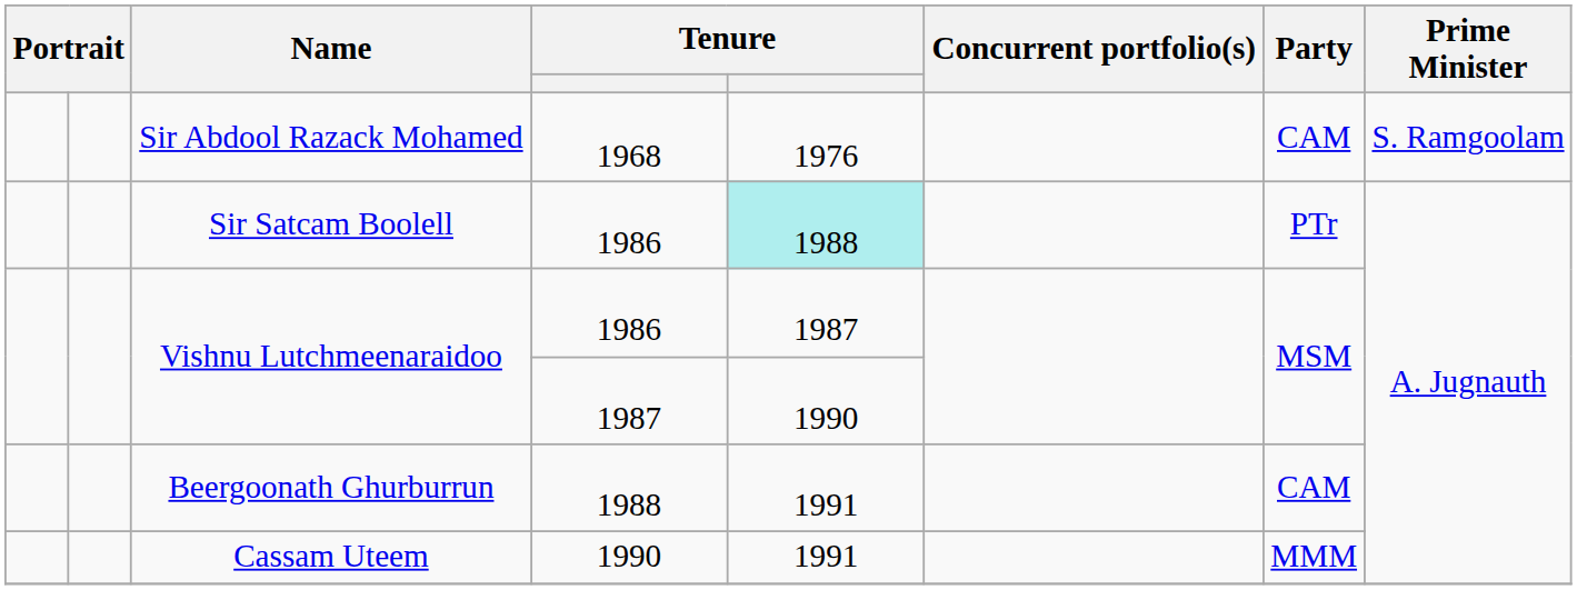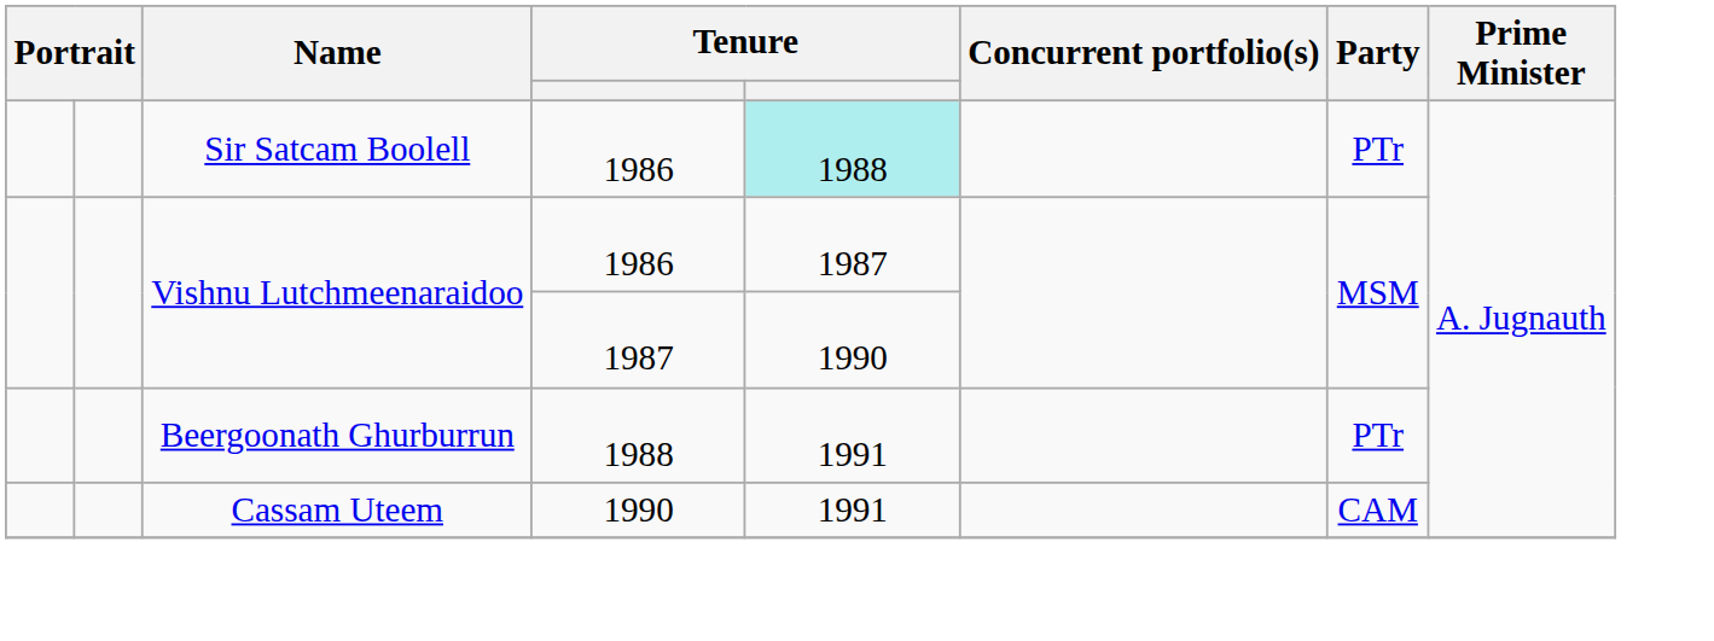 <table class="wikitable" style="font-size:100%;text-align:center">
 <tr>
 <th rowspan="2" colspan="2">Portrait</th>
 <th rowspan="2">Name<br></th>
 <th colspan="2">Tenure</th>
 <th rowspan="2">Concurrent portfolio(s)</th>
 <th rowspan="2">Party</th>
 <th rowspan="2">Prime<br>Minister</th>
 </tr>
 <tr>
 <th width="90"></th>
 <th width="90"></th>
-</tr>
-<tr>
-<td style="background: "></td>
-<td></td>
-<td><a href='#'>Sir Abdool Razack Mohamed</a><br></td>
-<td><br>1968</td>
-<td><br>1976</td>
-<td><small></small></td>
-<td><a href='#'>CAM</a></td>
-<td rowspan="1"><a href='#'>S. Ramgoolam</a></td>
 </tr>
 <tr>
 <td style="background: "></td>
 <td></td>
 <td><a href='#'>Sir Satcam Boolell</a><br></td>
 <td><br>1986</td>
 <td style="background: paleturquoise;"><br>1988</td>
 <td><small></small></td>
 <td><a href='#'>PTr</a></td>
 <td rowspan=5><a href='#'>A. Jugnauth</a></td>
 </tr>
 <tr>
 <td rowspan=2 style="background: "></td>
 <td rowspan=2></td>
 <td rowspan=2><a href='#'>Vishnu Lutchmeenaraidoo</a><br></td>
 <td><br>1986</td>
 <td><br>1987</td>
 <td rowspan=2><small></small></td>
 <td rowspan=2><a href='#'>MSM</a></td>
 </tr>
 <tr>
 <td><br>1987</td>
 <td><br>1990</td>
 </tr>
 <tr>
 <td style="background: "></td>
 <td></td>
 <td><a href='#'>Beergoonath Ghurburrun</a><br></td>
 <td><br>1988</td>
 <td><br>1991</td>
 <td><small></small></td>
-<td><a href='#'>CAM</a></td>
+<td><a href='#'>PTr</a></td>
 </tr>
 <tr>
 <td style="background: "></td>
 <td></td>
 <td><a href='#'>Cassam Uteem</a><br></td>
 <td>1990</td>
 <td>1991</td>
 <td><small></small></td>
-<td><a href='#'>MMM</a></td>
+<td><a href='#'>CAM</a></td>
 </tr>
 <tr>
 </tr>
 </table>
